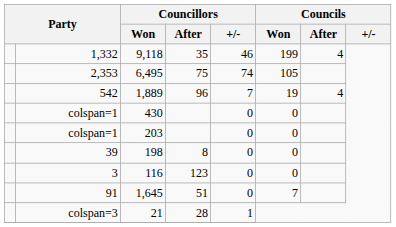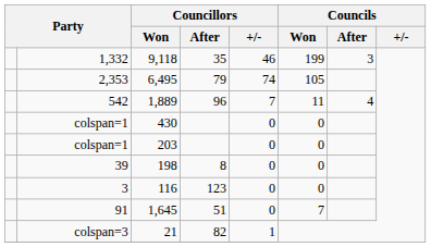 <table id="results" class="wikitable" style="text-align:right; font-size:95%;">
 <tr>
 <th colspan="2" rowspan="2" style="width:140px;">Party</th>
 <th colspan="3">Councillors</th>
 <th colspan="3">Councils</th>
 </tr>
 <tr>
 <th style="width:50px;">Won</th>
 <th style="width:50px;">After</th>
 <th style="width:50px;">+/-</th>
 <th style="width:50px;">Won</th>
 <th style="width:50px;">After</th>
 <th style="width:50px;">+/-</th>
 </tr>
 <tr>
 <td></td>
 <td>1,332</td>
 <td>9,118</td>
 <td>35</td>
 <td>46</td>
 <td>199</td>
-<td>4</td>
+<td>3</td>
 </tr>
 <tr>
 <td></td>
 <td>2,353</td>
 <td>6,495</td>
-<td>75</td>
+<td>79</td>
 <td>74</td>
 <td>105</td>
 <td></td>
 </tr>
 <tr>
 <td></td>
 <td>542</td>
 <td>1,889</td>
 <td>96</td>
 <td>7</td>
-<td>19</td>
+<td>11</td>
 <td>4</td>
 </tr>
 <tr>
 <td></td>
 <td>colspan=1 </td>
 <td>430</td>
 <td></td>
 <td>0</td>
 <td>0</td>
 <td></td>
 </tr>
 <tr>
 <td></td>
 <td>colspan=1 </td>
 <td>203</td>
 <td></td>
 <td>0</td>
 <td>0</td>
 <td></td>
 </tr>
 <tr>
 <td></td>
 <td>39</td>
 <td>198</td>
 <td>8</td>
 <td>0</td>
 <td>0</td>
 <td></td>
 </tr>
 <tr>
 <td></td>
 <td>3</td>
 <td>116</td>
 <td>123</td>
 <td>0</td>
 <td>0</td>
 <td></td>
 </tr>
 <tr>
 <td></td>
 <td>91</td>
 <td>1,645</td>
 <td>51</td>
 <td>0</td>
 <td>7</td>
 <td></td>
 </tr>
 <tr>
 <td></td>
 <td>colspan=3 </td>
 <td>21</td>
-<td>28</td>
+<td>82</td>
 <td>1</td>
 </tr>
 <tr>
 </tr>
 </table>
